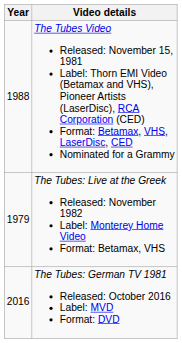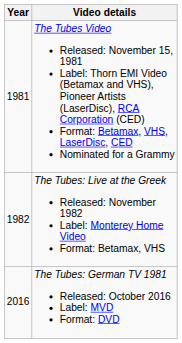 <table class="wikitable">
 <tr>
 <th style="width:20px;">Year</th>
 <th style="width:220px;">Video details</th>
 </tr>
 <tr>
-<td>1988</td>
+<td>1981</td>
 <td><em><a href='#'>The Tubes Video</a></em><br><ul><li>Released: November 15, 1981</li><li>Label: Thorn EMI Video (Betamax and VHS), Pioneer Artists (LaserDisc), <a href='#'>RCA Corporation</a> (CED)</li><li>Format: <a href='#'>Betamax</a>, <a href='#'>VHS</a>, <a href='#'>LaserDisc</a>, <a href='#'>CED</a></li><li>Nominated for a Grammy</li></ul></td>
 </tr>
 <tr>
-<td>1979</td>
+<td>1982</td>
 <td><em>The Tubes: Live at the Greek</em><br><ul><li>Released: November 1982</li><li>Label: <a href='#'>Monterey Home Video</a></li><li>Format: Betamax, VHS</li></ul></td>
 </tr>
 <tr>
 <td>2016</td>
 <td><em>The Tubes: German TV 1981</em><br><ul><li>Released: October 2016</li><li>Label: <a href='#'>MVD</a></li><li>Format: <a href='#'>DVD</a></li></ul></td>
 </tr>
 </table>
